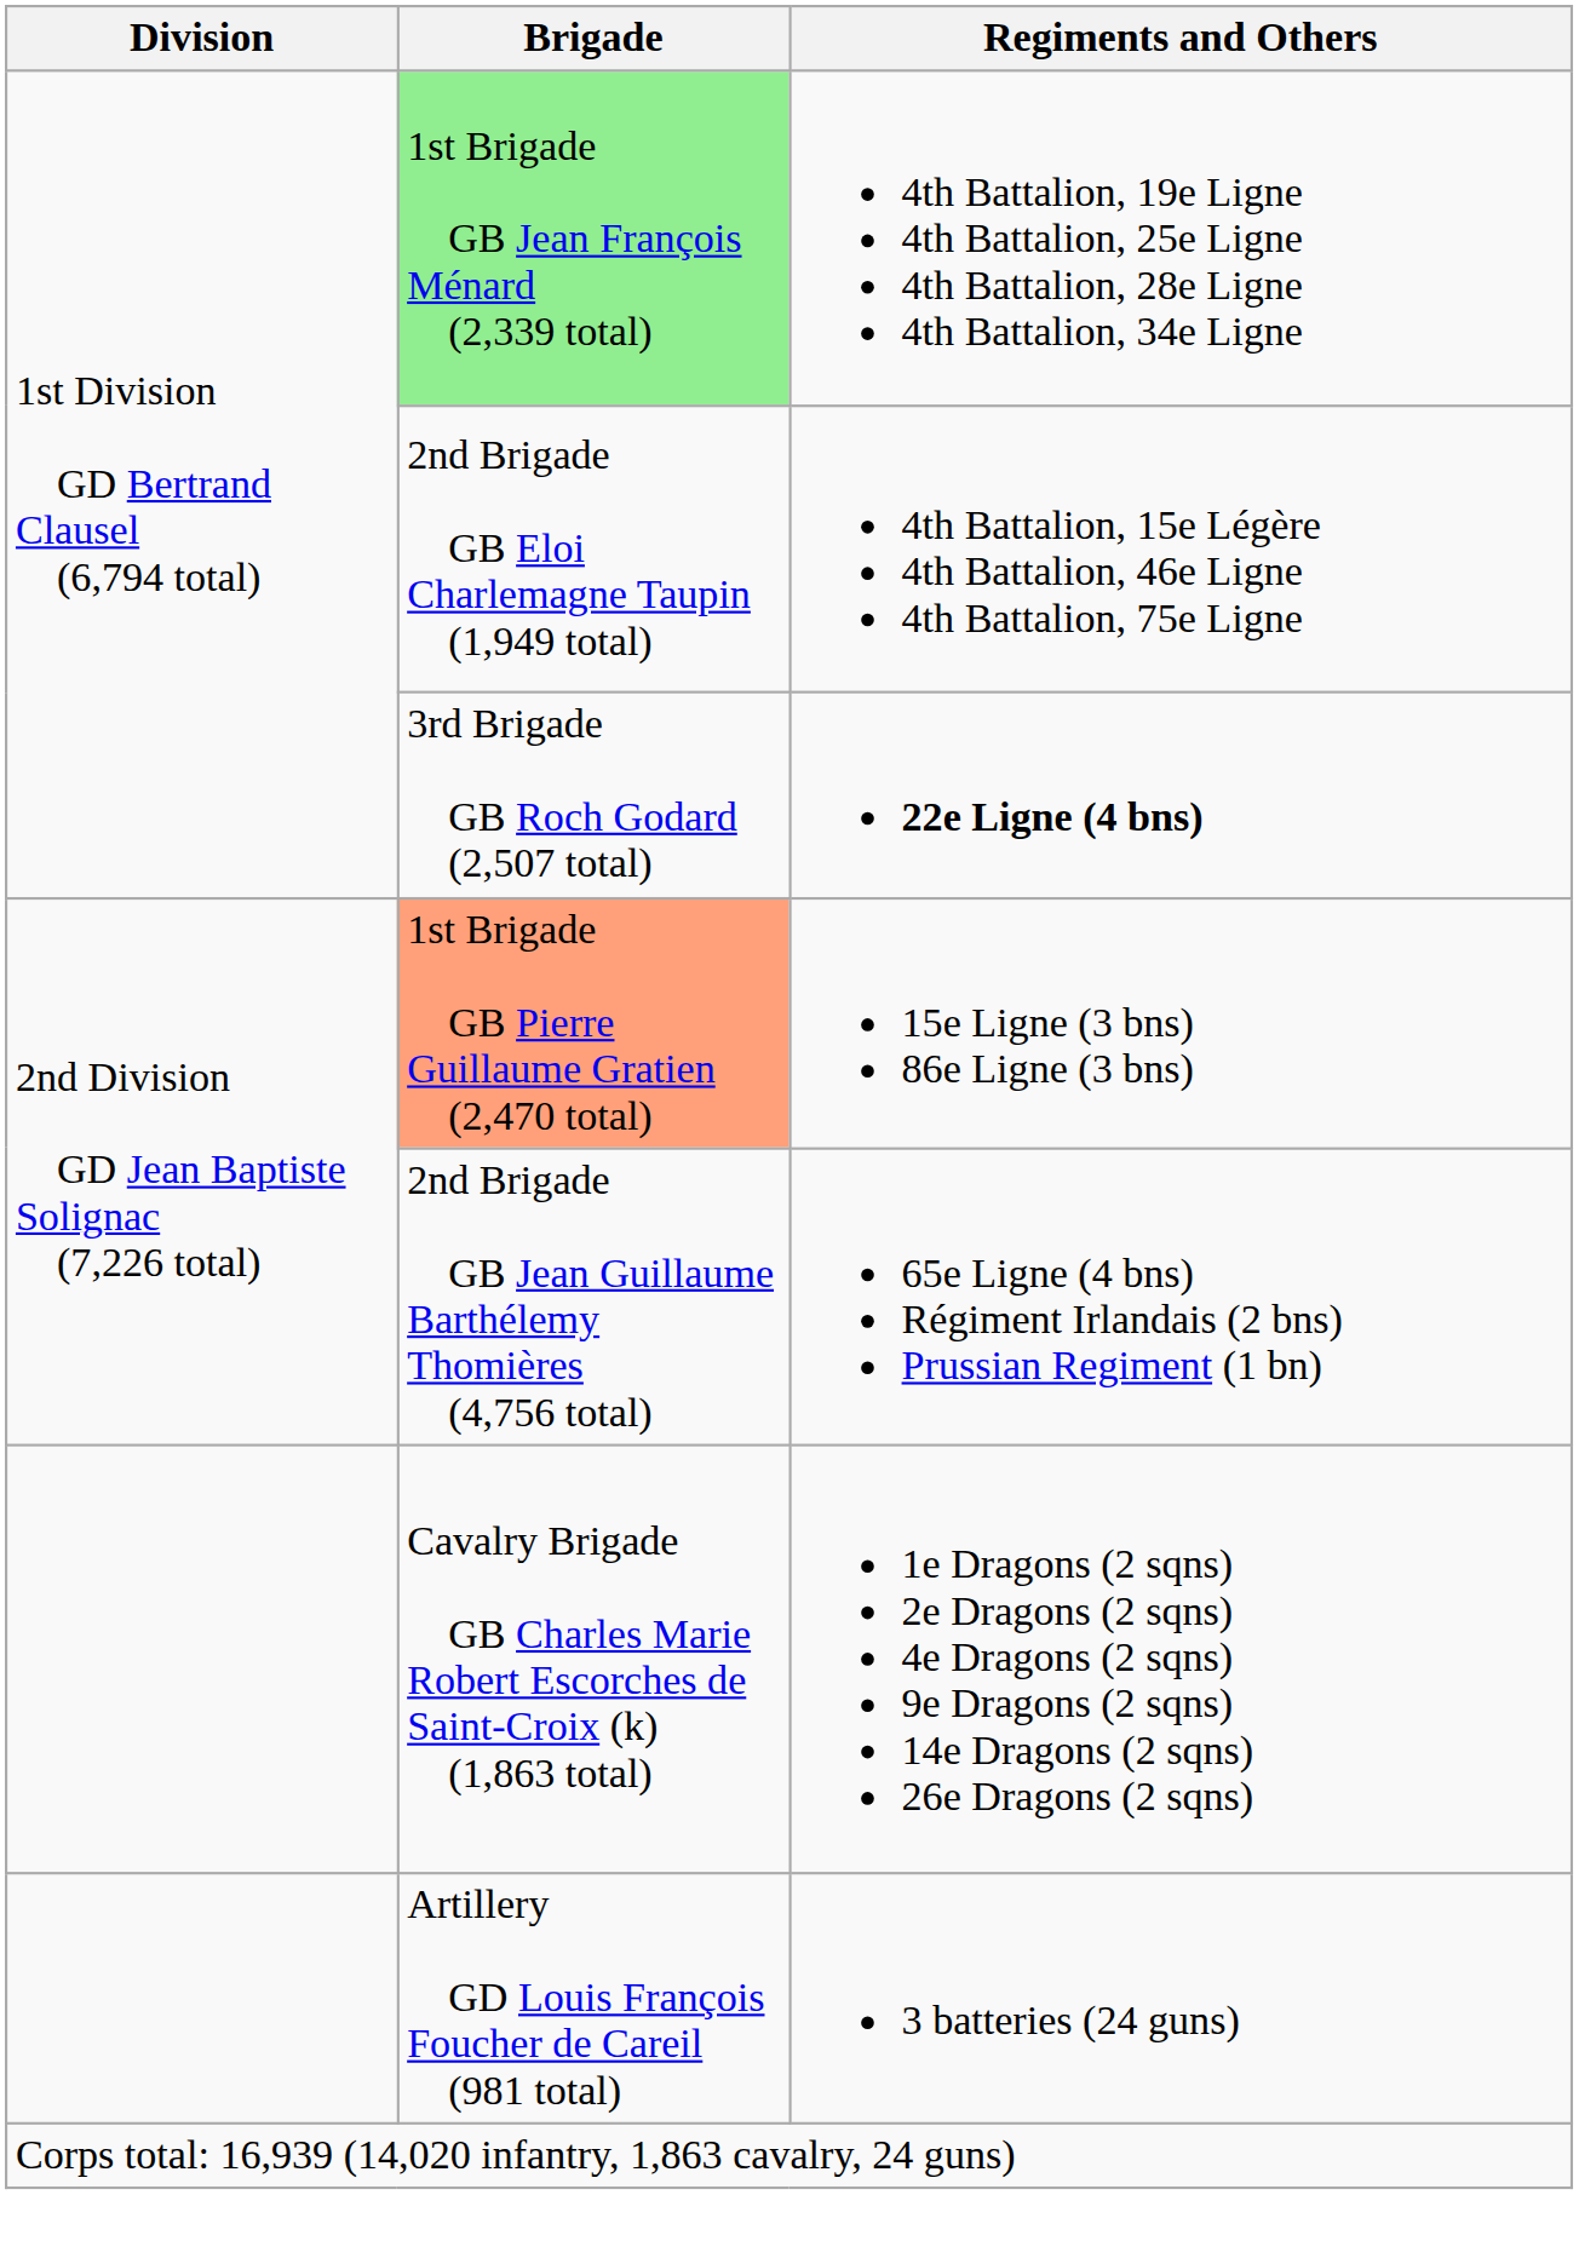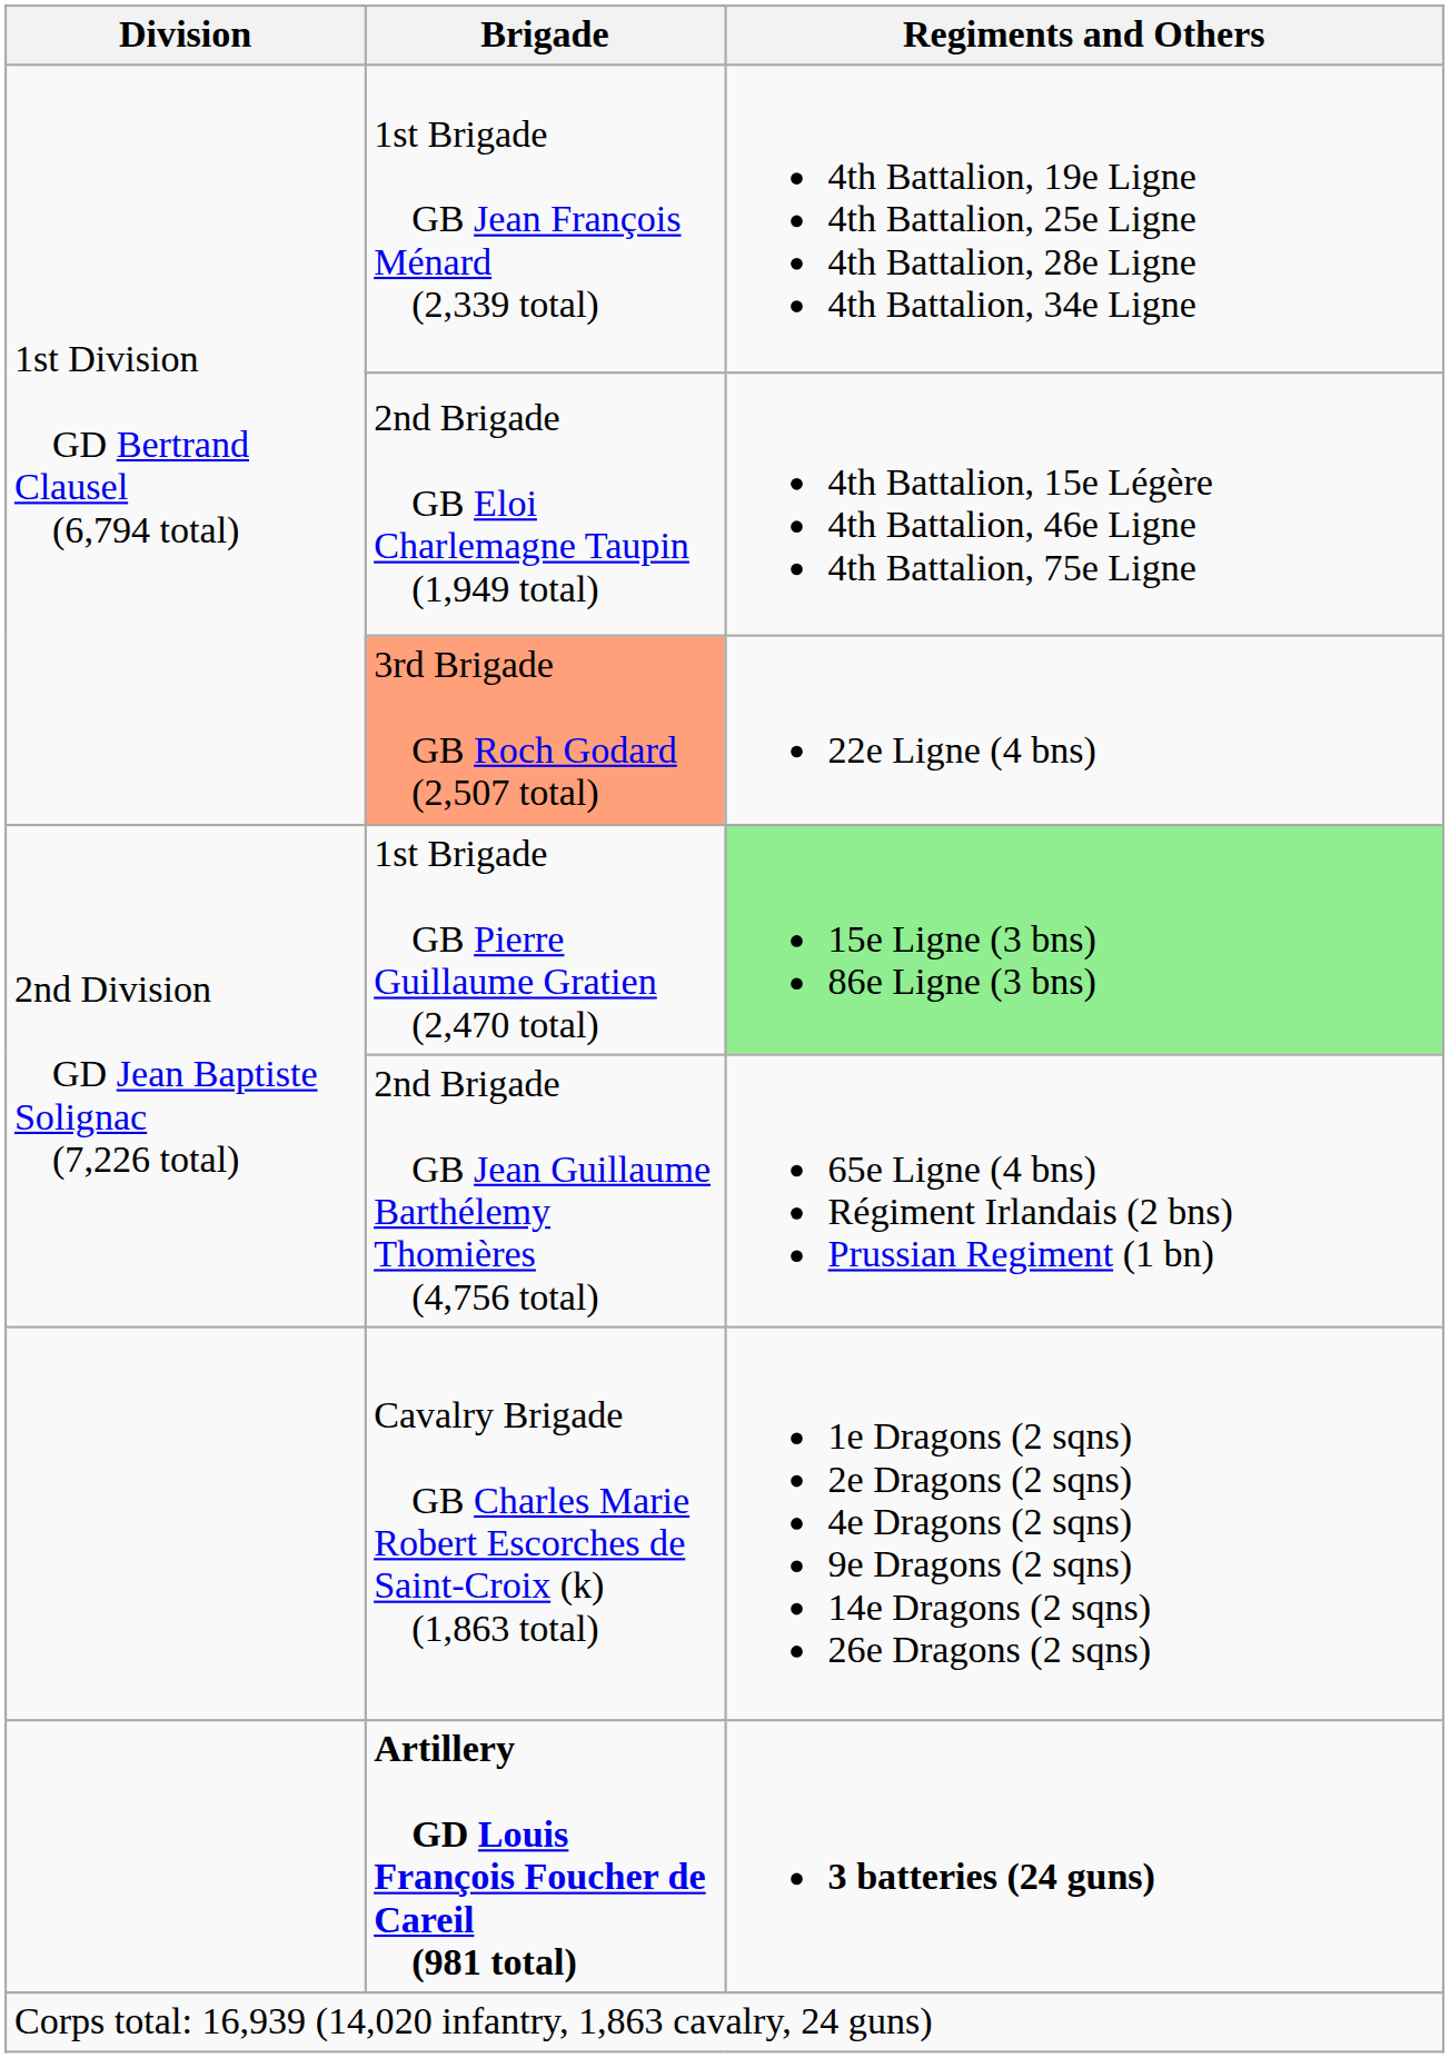 <table class="wikitable">
 <tr>
 <th style="width:25%;">Division</th>
 <th style="width:25%;">Brigade</th>
 <th>Regiments and Others</th>
 </tr>
 <tr>
 <td rowspan=3>1st Division<br><br>    GD <a href='#'>Bertrand Clausel</a> <br>    (6,794 total)</td>
-<td style="background: lightgreen;">1st Brigade<br><br>    GB <a href='#'>Jean François Ménard</a> <br>    (2,339 total)</td>
+<td>1st Brigade<br><br>    GB <a href='#'>Jean François Ménard</a> <br>    (2,339 total)</td>
 <td><br><ul><li>4th Battalion, 19e Ligne</li><li>4th Battalion, 25e Ligne</li><li>4th Battalion, 28e Ligne</li><li>4th Battalion, 34e Ligne</li></ul></td>
 </tr>
 <tr>
 <td>2nd Brigade<br><br>    GB <a href='#'>Eloi Charlemagne Taupin</a> <br>    (1,949 total)</td>
 <td><br><ul><li>4th Battalion, 15e Légère</li><li>4th Battalion, 46e Ligne</li><li>4th Battalion, 75e Ligne</li></ul></td>
 </tr>
 <tr>
-<td>3rd Brigade<br><br>    GB <a href='#'>Roch Godard</a> <br>    (2,507 total)</td>
-<td><strong><br><ul><li>22e Ligne (4 bns)</li></ul></strong></td>
+<td style="background: lightsalmon;">3rd Brigade<br><br>    GB <a href='#'>Roch Godard</a> <br>    (2,507 total)</td>
+<td><br><ul><li>22e Ligne (4 bns)</li></ul></td>
 </tr>
 <tr>
 <td rowspan=2>2nd Division<br><br>    GD <a href='#'>Jean Baptiste Solignac</a> <br>    (7,226 total)</td>
-<td style="background: lightsalmon;">1st Brigade<br><br>    GB <a href='#'>Pierre Guillaume Gratien</a> <br>    (2,470 total)</td>
-<td><br><ul><li>15e Ligne (3 bns)</li><li>86e Ligne (3 bns)</li></ul></td>
+<td>1st Brigade<br><br>    GB <a href='#'>Pierre Guillaume Gratien</a> <br>    (2,470 total)</td>
+<td style="background: lightgreen;"><br><ul><li>15e Ligne (3 bns)</li><li>86e Ligne (3 bns)</li></ul></td>
 </tr>
 <tr>
 <td>2nd Brigade<br><br>    GB <a href='#'>Jean Guillaume Barthélemy Thomières</a> <br>    (4,756 total)</td>
 <td><br><ul><li>65e Ligne (4 bns)</li><li>Régiment Irlandais (2 bns)</li><li><a href='#'>Prussian Regiment</a> (1 bn)</li></ul></td>
 </tr>
 <tr>
 <td></td>
 <td>Cavalry Brigade<br><br>    GB <a href='#'>Charles Marie Robert Escorches de Saint-Croix</a> (k) <br>    (1,863 total)</td>
 <td><br><ul><li>1e Dragons (2 sqns)</li><li>2e Dragons (2 sqns)</li><li>4e Dragons (2 sqns)</li><li>9e Dragons (2 sqns)</li><li>14e Dragons (2 sqns)</li><li>26e Dragons (2 sqns)</li></ul></td>
 </tr>
 <tr>
 <td></td>
-<td>Artillery<br><br>    GD <a href='#'>Louis François Foucher de Careil</a> <br>    (981 total)</td>
-<td><br><ul><li>3 batteries (24 guns)</li></ul></td>
+<td><strong>Artillery<br><br>    GD <a href='#'>Louis François Foucher de Careil</a> <br>    (981 total)</strong></td>
+<td><strong><br><ul><li>3 batteries (24 guns)</li></ul></strong></td>
 </tr>
 <tr>
 <td colspan=3>Corps total: 16,939 (14,020 infantry, 1,863 cavalry, 24 guns)</td>
 </tr>
 </table>
